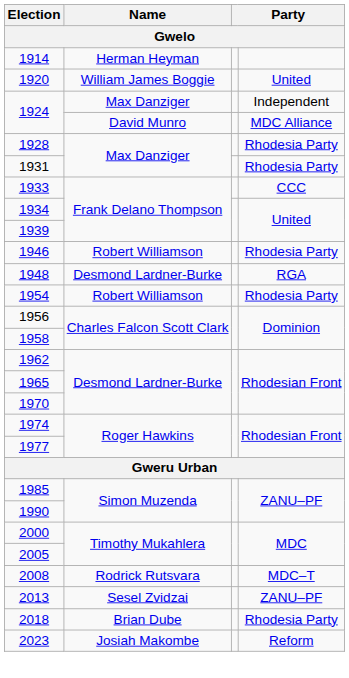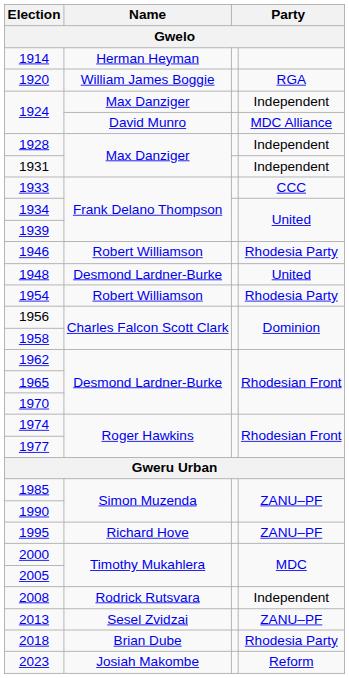 <table class="wikitable" style="text-align:center">
 <tr>
 <th>Election</th>
 <th>Name</th>
 <th colspan="2">Party</th>
 </tr>
 <tr>
 <th colspan="4">Gwelo</th>
 </tr>
 <tr>
 <td><a href='#'>1914</a></td>
 <td><a href='#'>Herman Heyman</a></td>
 <td></td>
 <td></td>
 </tr>
 <tr>
 <td><a href='#'>1920</a></td>
 <td><a href='#'>William James Boggie</a></td>
 <td style="background-color: "></td>
-<td><a href='#'>United</a></td>
+<td><a href='#'>RGA</a></td>
 </tr>
 <tr>
 <td rowspan="2"><a href='#'>1924</a></td>
 <td><a href='#'>Max Danziger</a></td>
 <td style="background-color: "></td>
 <td>Independent</td>
 </tr>
 <tr>
 <td><a href='#'>David Munro</a></td>
 <td style="background-color: "></td>
 <td><a href='#'>MDC Alliance</a></td>
 </tr>
 <tr>
 <td><a href='#'>1928</a></td>
 <td rowspan="2"><a href='#'>Max Danziger</a></td>
 <td style="background-color: "></td>
-<td><a href='#'>Rhodesia Party</a></td>
+<td>Independent</td>
 </tr>
 <tr>
 <td>1931</td>
 <td style="background-color: "></td>
-<td><a href='#'>Rhodesia Party</a></td>
+<td>Independent</td>
 </tr>
 <tr>
 <td><a href='#'>1933</a></td>
 <td rowspan="3"><a href='#'>Frank Delano Thompson</a></td>
 <td style="background-color: "></td>
 <td><a href='#'>CCC</a></td>
 </tr>
 <tr>
 <td><a href='#'>1934</a></td>
 <td rowspan="2" style="background-color: "></td>
 <td rowspan="2"><a href='#'>United</a></td>
 </tr>
 <tr>
 <td><a href='#'>1939</a></td>
 </tr>
 <tr>
 <td><a href='#'>1946</a></td>
 <td><a href='#'>Robert Williamson</a></td>
 <td style="background-color: "></td>
 <td><a href='#'>Rhodesia Party</a></td>
 </tr>
 <tr>
 <td><a href='#'>1948</a></td>
 <td><a href='#'>Desmond Lardner-Burke</a></td>
 <td style="background-color: "></td>
-<td><a href='#'>RGA</a></td>
+<td><a href='#'>United</a></td>
 </tr>
 <tr>
 <td><a href='#'>1954</a></td>
 <td><a href='#'>Robert Williamson</a></td>
 <td style="background-color: "></td>
 <td><a href='#'>Rhodesia Party</a></td>
 </tr>
 <tr>
 <td>1956</td>
 <td rowspan="2"><a href='#'>Charles Falcon Scott Clark</a></td>
 <td rowspan="2"></td>
 <td rowspan="2"><a href='#'>Dominion</a></td>
 </tr>
 <tr>
 <td><a href='#'>1958</a></td>
 </tr>
 <tr>
 <td><a href='#'>1962</a></td>
 <td rowspan="3"><a href='#'>Desmond Lardner-Burke</a></td>
 <td rowspan="3" style="background-color: "></td>
 <td rowspan="3"><a href='#'>Rhodesian Front</a></td>
 </tr>
 <tr>
 <td><a href='#'>1965</a></td>
 </tr>
 <tr>
 <td><a href='#'>1970</a></td>
 </tr>
 <tr>
 <td><a href='#'>1974</a></td>
 <td rowspan="2"><a href='#'>Roger Hawkins</a></td>
 <td rowspan="2" style="background-color: "></td>
 <td rowspan="2"><a href='#'>Rhodesian Front</a></td>
 </tr>
 <tr>
 <td><a href='#'>1977</a></td>
 </tr>
 <tr>
 <th colspan="4">Gweru Urban</th>
 </tr>
 <tr>
 <td><a href='#'>1985</a></td>
 <td rowspan="2"><a href='#'>Simon Muzenda</a></td>
 <td rowspan="2" style="background-color: "></td>
 <td rowspan="2"><a href='#'>ZANU–PF</a></td>
 </tr>
 <tr>
 <td><a href='#'>1990</a></td>
 </tr>
 <tr>
+<td><a href='#'>1995</a></td>
+<td><a href='#'>Richard Hove</a></td>
+<td style="background-color: "></td>
+<td><a href='#'>ZANU–PF</a></td>
+</tr>
+<tr>
 <td><a href='#'>2000</a></td>
 <td rowspan="2"><a href='#'>Timothy Mukahlera</a></td>
 <td rowspan="2" style="background-color: "></td>
 <td rowspan="2"><a href='#'>MDC</a></td>
 </tr>
 <tr>
 <td><a href='#'>2005</a></td>
 </tr>
 <tr>
 <td><a href='#'>2008</a></td>
 <td><a href='#'>Rodrick Rutsvara</a></td>
 <td style="background-color: "></td>
-<td><a href='#'>MDC–T</a></td>
+<td>Independent</td>
 </tr>
 <tr>
 <td><a href='#'>2013</a></td>
 <td><a href='#'>Sesel Zvidzai</a></td>
 <td style="background-color: "></td>
 <td><a href='#'>ZANU–PF</a></td>
 </tr>
 <tr>
 <td><a href='#'>2018</a></td>
 <td><a href='#'>Brian Dube</a></td>
 <td style="background-color: "></td>
 <td><a href='#'>Rhodesia Party</a></td>
 </tr>
 <tr>
 <td><a href='#'>2023</a></td>
 <td><a href='#'>Josiah Makombe</a></td>
 <td></td>
 <td><a href='#'>Reform</a></td>
 </tr>
 </table>
